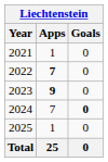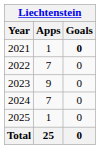 <table class="wikitable" style="text-align:center">
 <tr>
 <th colspan=4><a href='#'>Liechtenstein</a></th>
 </tr>
 <tr>
 <th>Year</th>
 <th>Apps</th>
 <th>Goals</th>
 </tr>
 <tr>
 <td>2021</td>
 <td>1</td>
-<td>0</td>
+<td><strong>0</strong></td>
 </tr>
 <tr>
 <td>2022</td>
-<td><strong>7</strong></td>
+<td>7</td>
 <td>0</td>
 </tr>
 <tr>
 <td>2023</td>
-<td><strong>9</strong></td>
+<td>9</td>
 <td>0</td>
 </tr>
 <tr>
 <td>2024</td>
 <td>7</td>
-<td><strong>0</strong></td>
+<td>0</td>
 </tr>
 <tr>
 <td>2025</td>
 <td>1</td>
 <td>0</td>
 </tr>
 <tr>
 <th>Total</th>
 <th>25</th>
 <th>0</th>
 </tr>
 </table>
